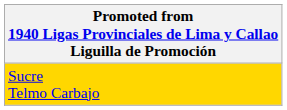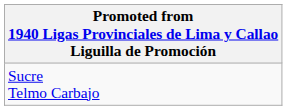 <table class="wikitable">
 <tr>
 <th>Promoted from<br><a href='#'>1940 Ligas Provinciales de Lima y Callao</a><br>Liguilla de Promoción</th>
 </tr>
 <tr>
-<td style="background: gold;"> <a href='#'>Sucre</a> <br> <a href='#'>Telmo Carbajo</a> </td>
+<td> <a href='#'>Sucre</a> <br> <a href='#'>Telmo Carbajo</a> </td>
 </tr>
 </table>
